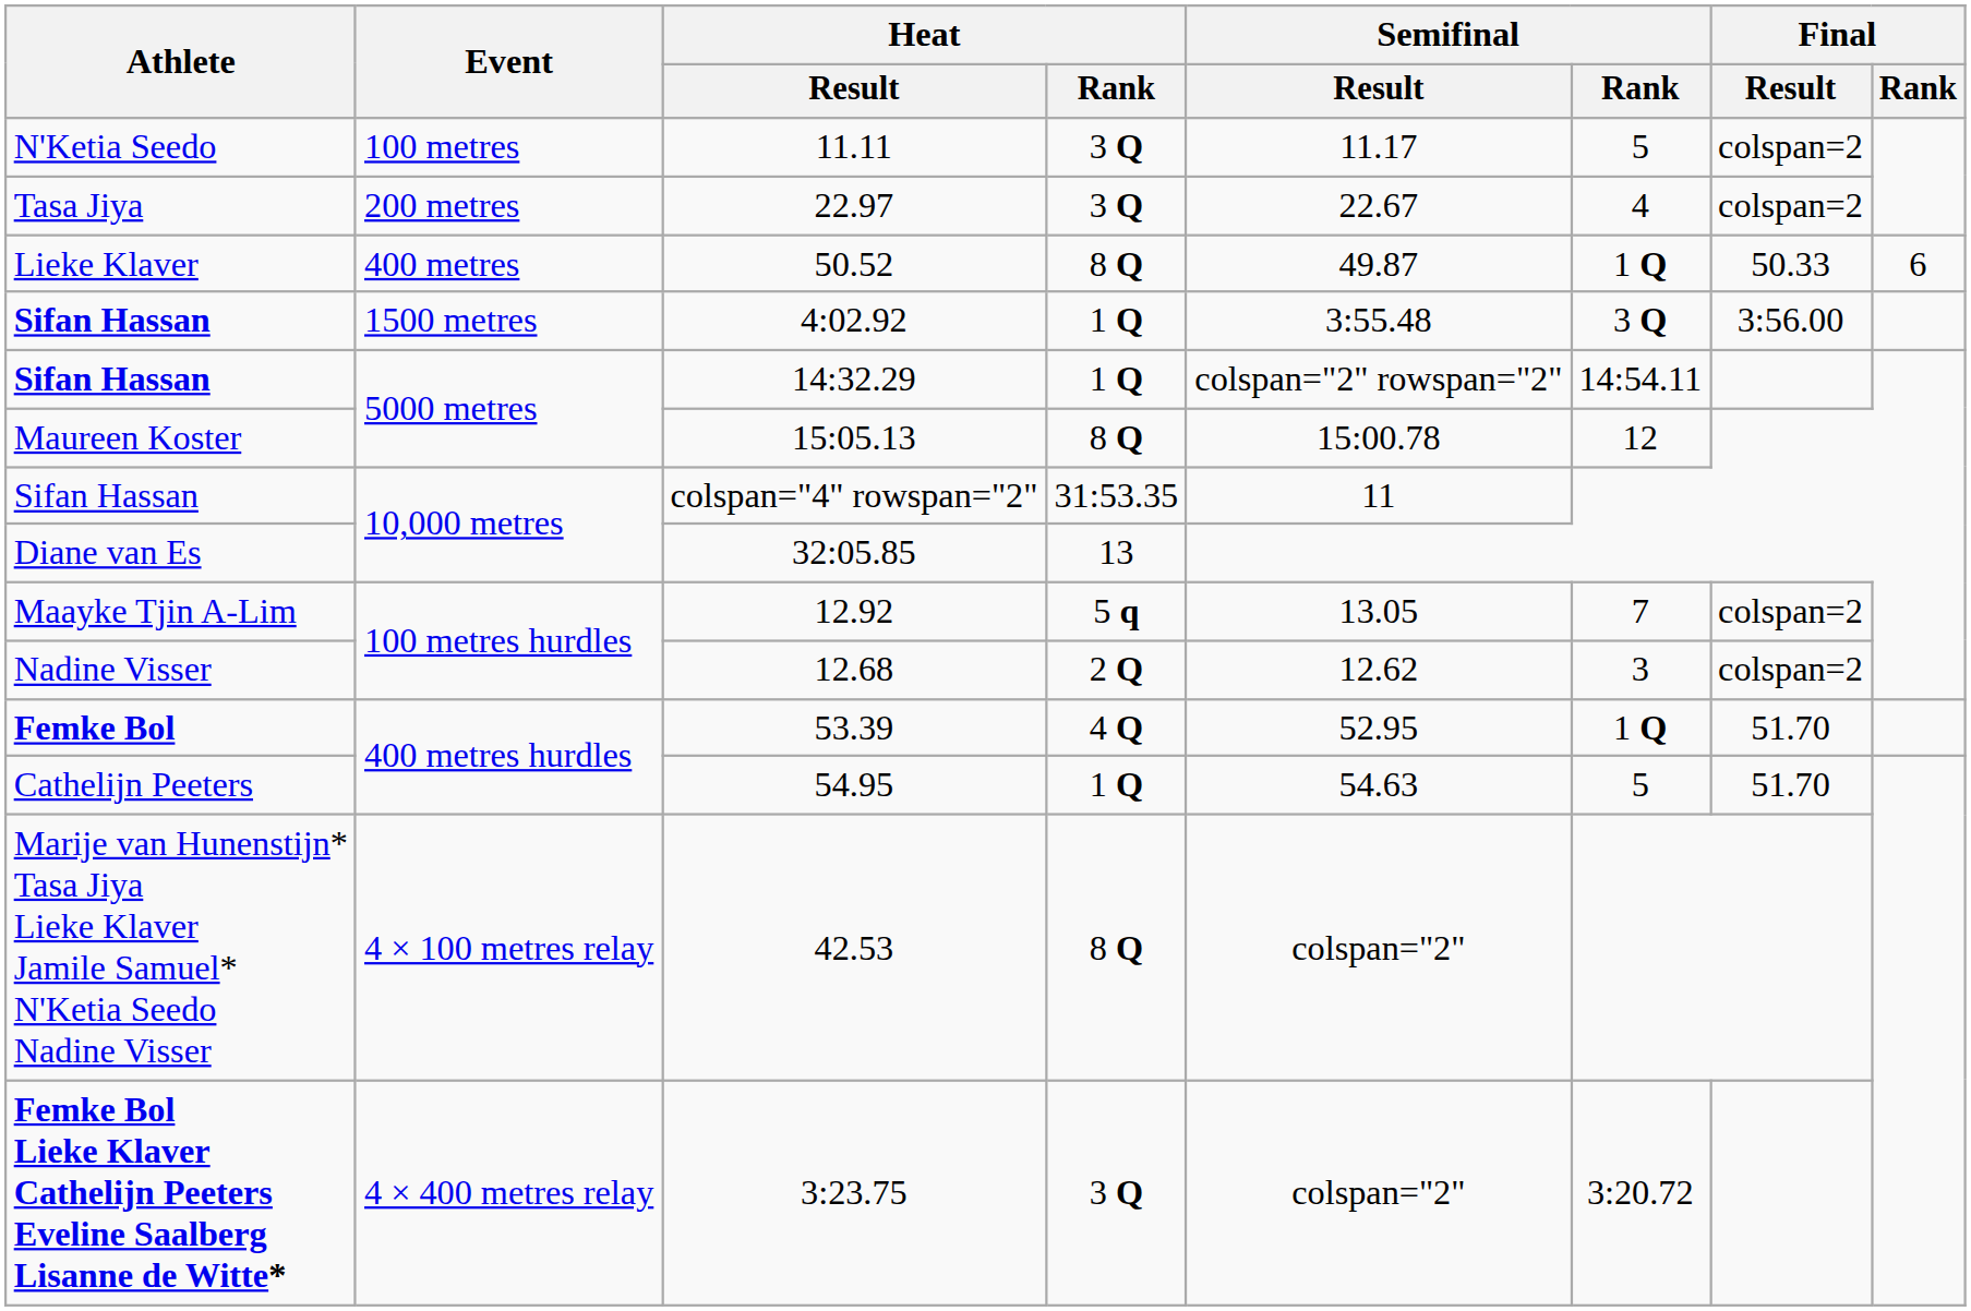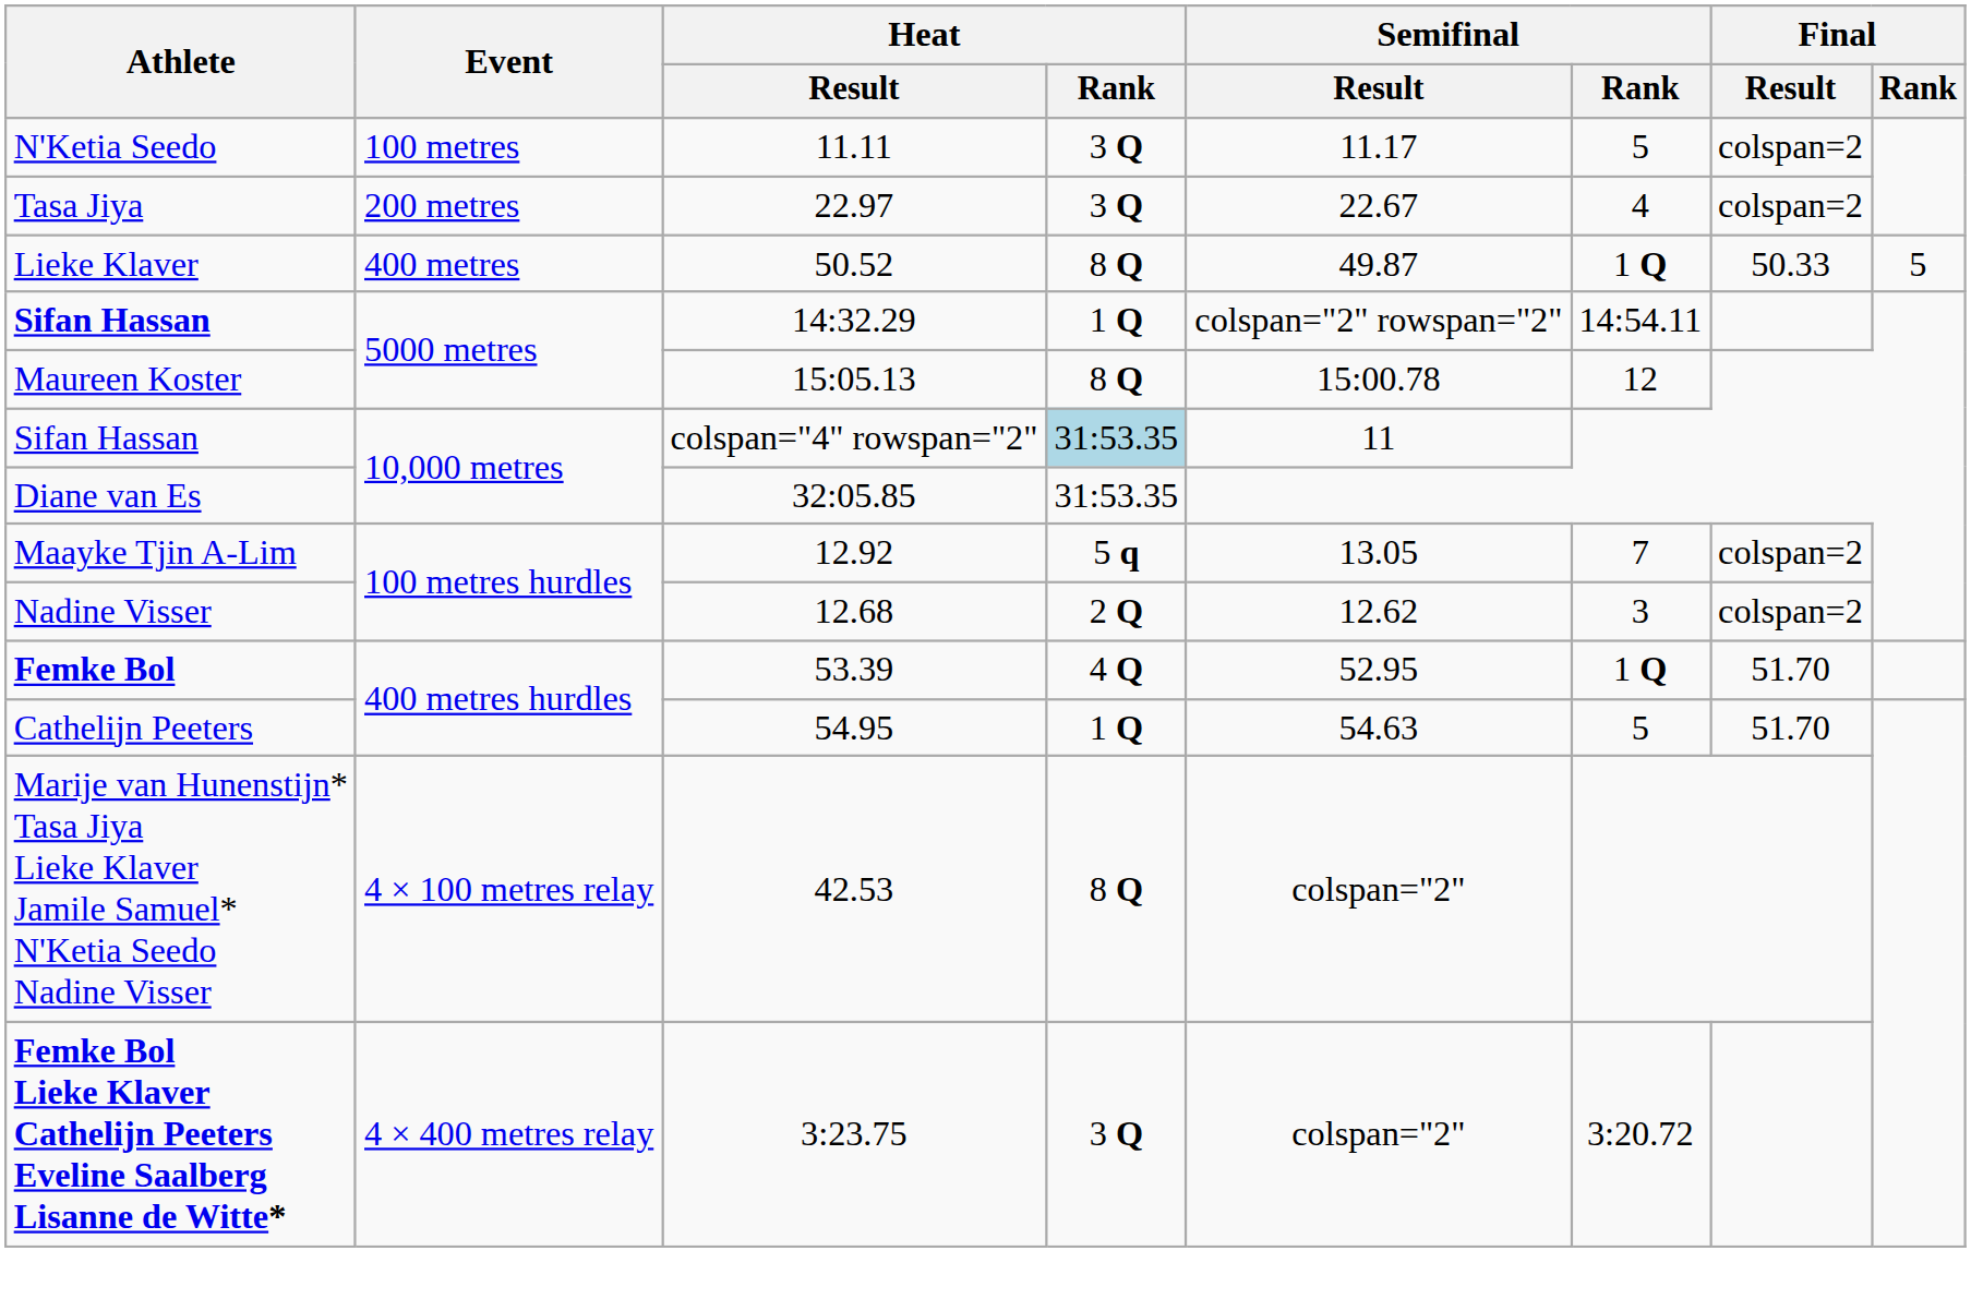 <table class="wikitable" style="font-size:90%">
 <tr>
 <th rowspan="2">Athlete</th>
 <th rowspan="2">Event</th>
 <th colspan="2">Heat</th>
 <th colspan="2">Semifinal</th>
 <th colspan="2">Final</th>
 </tr>
 <tr style="font-size:95%">
 <th>Result</th>
 <th>Rank</th>
 <th>Result</th>
 <th>Rank</th>
 <th>Result</th>
 <th>Rank</th>
 </tr>
 <tr align="center">
 <td align=left><a href='#'>N'Ketia Seedo</a></td>
 <td align=left><a href='#'>100 metres</a></td>
 <td>11.11 </td>
 <td>3 <strong>Q</strong></td>
 <td>11.17</td>
 <td>5</td>
 <td>colspan=2 </td>
 </tr>
 <tr align="center">
 <td align=left><a href='#'>Tasa Jiya</a></td>
 <td align=left><a href='#'>200 metres</a></td>
 <td>22.97</td>
 <td>3 <strong>Q</strong></td>
 <td>22.67 </td>
 <td>4</td>
 <td>colspan=2 </td>
 </tr>
 <tr align="center">
 <td align=left><a href='#'>Lieke Klaver</a></td>
 <td align=left><a href='#'>400 metres</a></td>
 <td>50.52</td>
 <td>8 <strong>Q</strong></td>
 <td>49.87</td>
 <td>1 <strong>Q</strong></td>
 <td>50.33</td>
-<td>6</td>
-</tr>
-<tr align="center">
-<td align=left><strong><a href='#'>Sifan Hassan</a></strong></td>
-<td align=left><a href='#'>1500 metres</a></td>
-<td>4:02.92</td>
-<td>1 <strong>Q</strong></td>
-<td>3:55.48 </td>
-<td>3 <strong>Q</strong></td>
-<td>3:56.00</td>
-<td></td>
+<td>5</td>
 </tr>
 <tr align="center">
 <td align=left><strong><a href='#'>Sifan Hassan</a></strong></td>
 <td align=left rowspan="2"><a href='#'>5000 metres</a></td>
 <td>14:32.29</td>
 <td>1 <strong>Q</strong></td>
 <td>colspan="2" rowspan="2" </td>
 <td>14:54.11</td>
 <td></td>
 </tr>
 <tr align="center">
 <td align=left><a href='#'>Maureen Koster</a></td>
 <td>15:05.13</td>
 <td>8 <strong>Q</strong></td>
 <td>15:00.78</td>
 <td>12</td>
 </tr>
 <tr align="center">
 <td align=left><a href='#'>Sifan Hassan</a></td>
 <td align=left rowspan="2"><a href='#'>10,000 metres</a></td>
 <td>colspan="4" rowspan="2" </td>
-<td>31:53.35</td>
+<td style="background: lightblue;">31:53.35</td>
 <td>11</td>
 </tr>
 <tr align="center">
 <td align=left><a href='#'>Diane van Es</a></td>
 <td>32:05.85</td>
-<td>13</td>
+<td>31:53.35</td>
 </tr>
 <tr align="center">
 <td align=left><a href='#'>Maayke Tjin A-Lim</a></td>
 <td align=left rowspan="2"><a href='#'>100 metres hurdles</a></td>
 <td>12.92</td>
 <td>5 <strong>q</strong></td>
 <td>13.05</td>
 <td>7</td>
 <td>colspan=2 </td>
 </tr>
 <tr align="center">
 <td align=left><a href='#'>Nadine Visser</a></td>
 <td>12.68</td>
 <td>2 <strong>Q</strong></td>
 <td>12.62 </td>
 <td>3</td>
 <td>colspan=2 </td>
 </tr>
 <tr align="center">
 <td align=left><strong><a href='#'>Femke Bol</a></strong></td>
 <td align=left rowspan="2"><a href='#'>400 metres hurdles</a></td>
 <td>53.39</td>
 <td>4 <strong>Q</strong></td>
 <td>52.95</td>
 <td>1 <strong>Q</strong></td>
 <td>51.70</td>
 <td></td>
 </tr>
 <tr align="center">
 <td align=left><a href='#'>Cathelijn Peeters</a></td>
 <td>54.95</td>
 <td>1 <strong>Q</strong></td>
 <td>54.63</td>
 <td>5</td>
 <td>51.70</td>
 </tr>
 <tr align="center">
 <td align=left><a href='#'>Marije van Hunenstijn</a>*<br><a href='#'>Tasa Jiya</a><br><a href='#'>Lieke Klaver</a><br><a href='#'>Jamile Samuel</a>*<br><a href='#'>N'Ketia Seedo</a><br><a href='#'>Nadine Visser</a></td>
 <td align=left><a href='#'>4 × 100 metres relay</a></td>
 <td>42.53</td>
 <td>8 <strong>Q</strong></td>
 <td>colspan="2" </td>
 <td colspan="2"></td>
 </tr>
 <tr align="center">
 <td align=left><strong><a href='#'>Femke Bol</a><br><a href='#'>Lieke Klaver</a><br><a href='#'>Cathelijn Peeters</a><br><a href='#'>Eveline Saalberg</a><br><a href='#'>Lisanne de Witte</a>*</strong></td>
 <td align=left><a href='#'>4 × 400 metres relay</a></td>
 <td>3:23.75 </td>
 <td>3 <strong>Q</strong></td>
 <td>colspan="2" </td>
 <td>3:20.72 </td>
 <td></td>
 </tr>
 </table>
